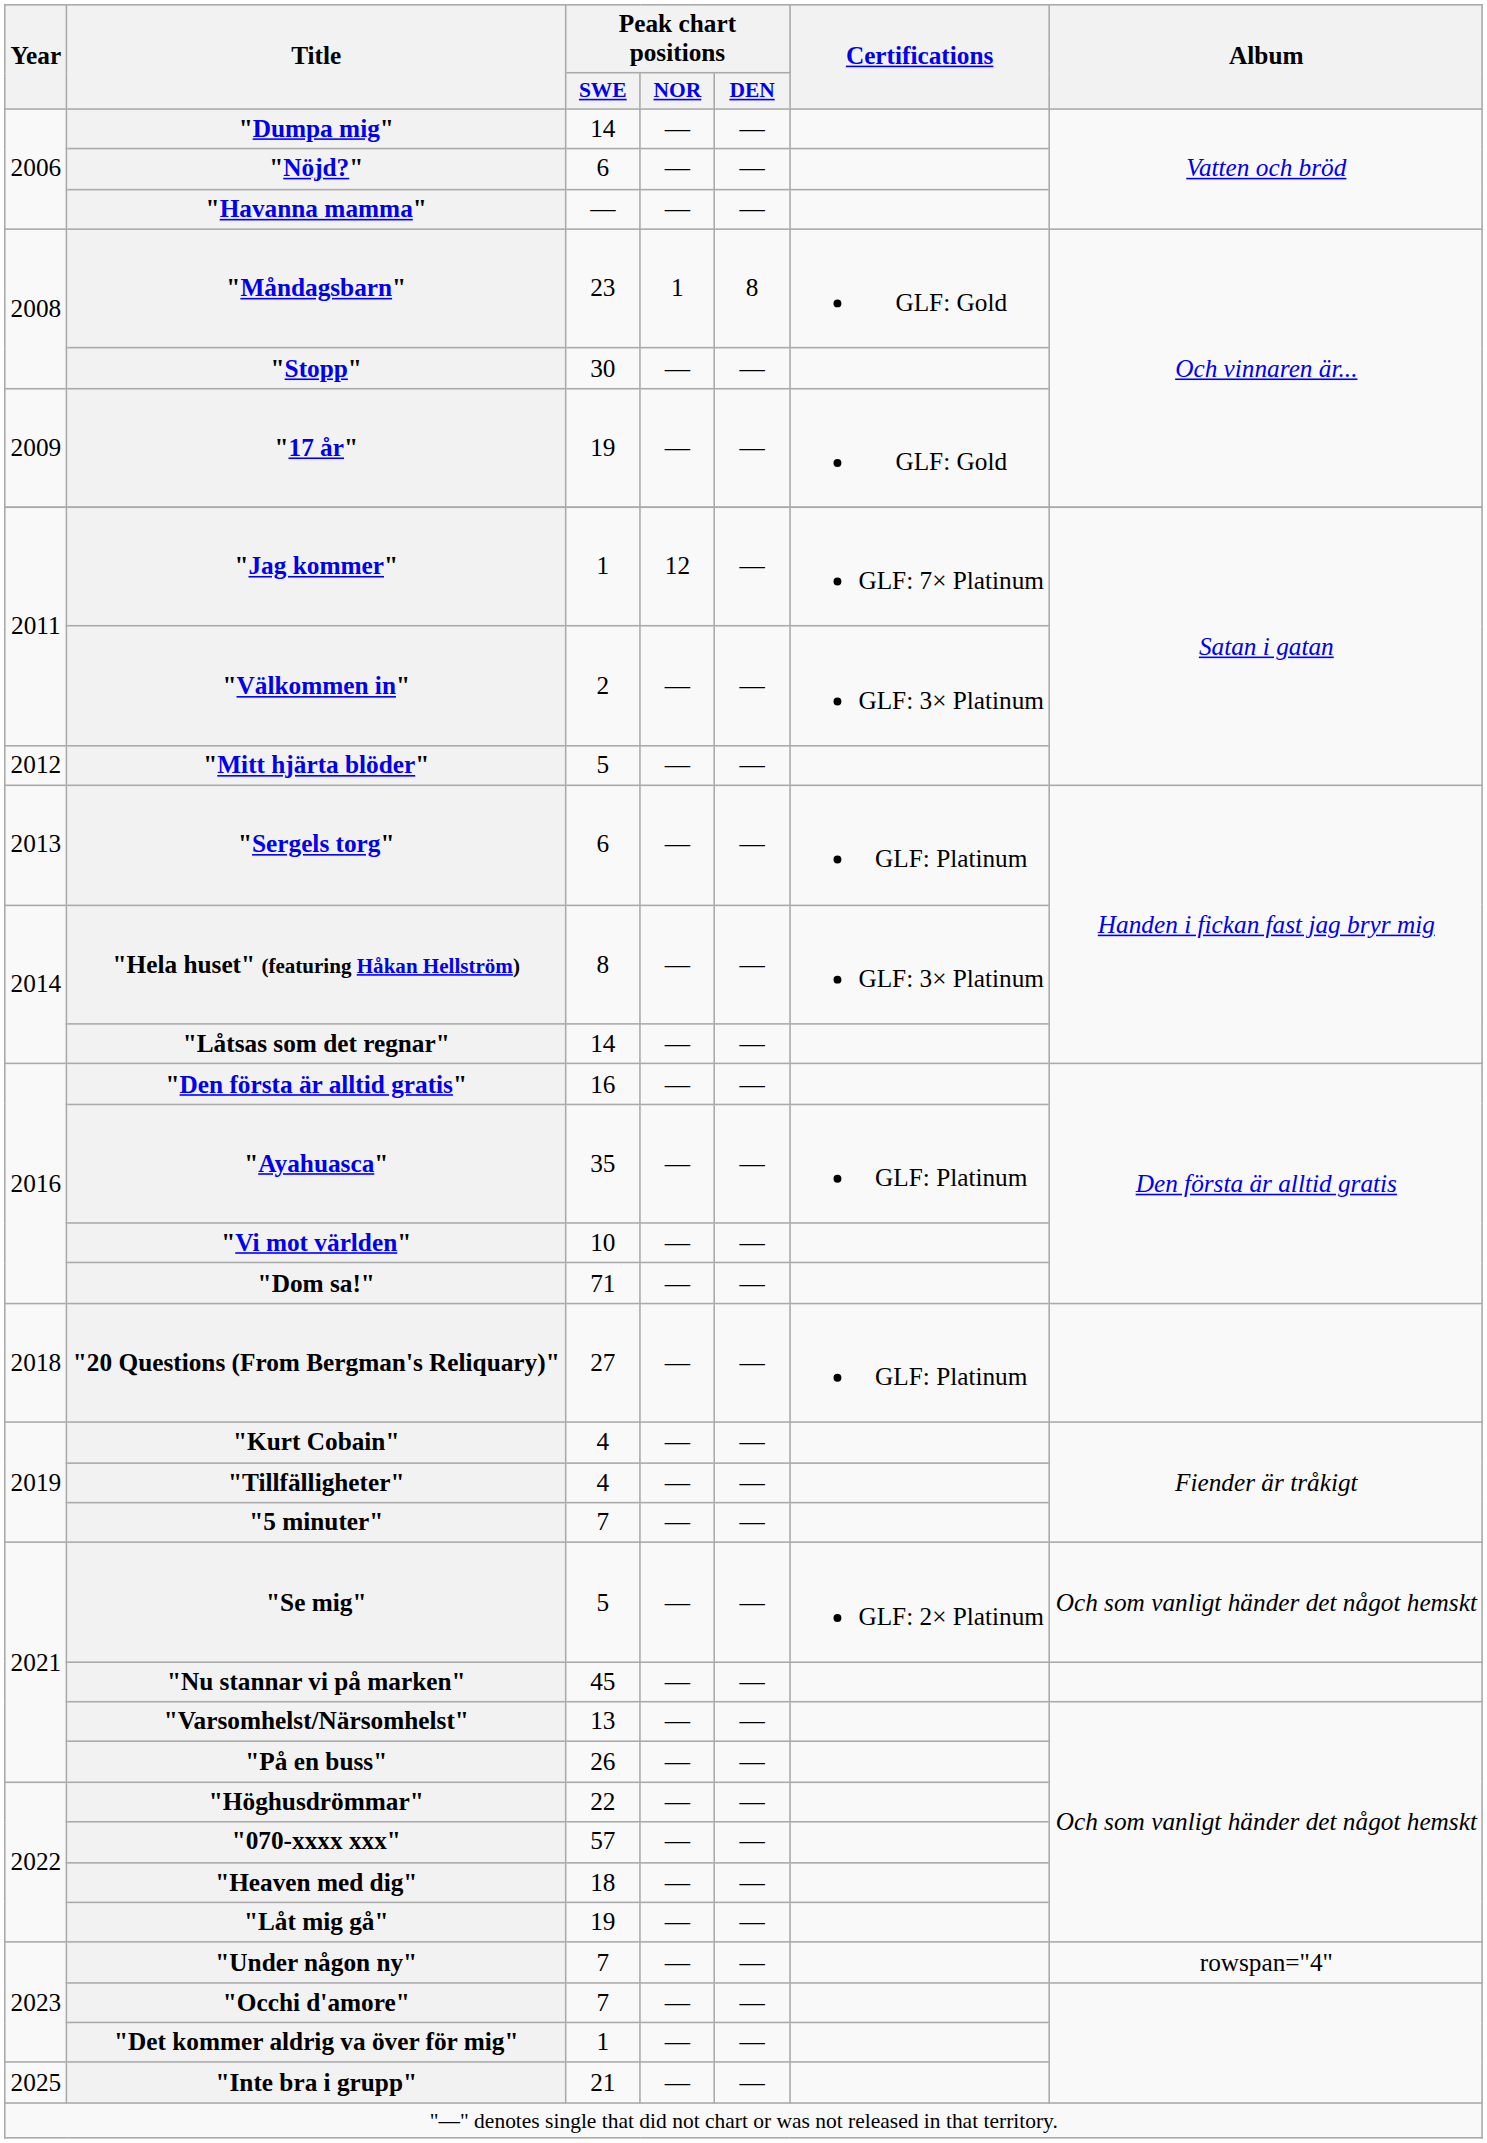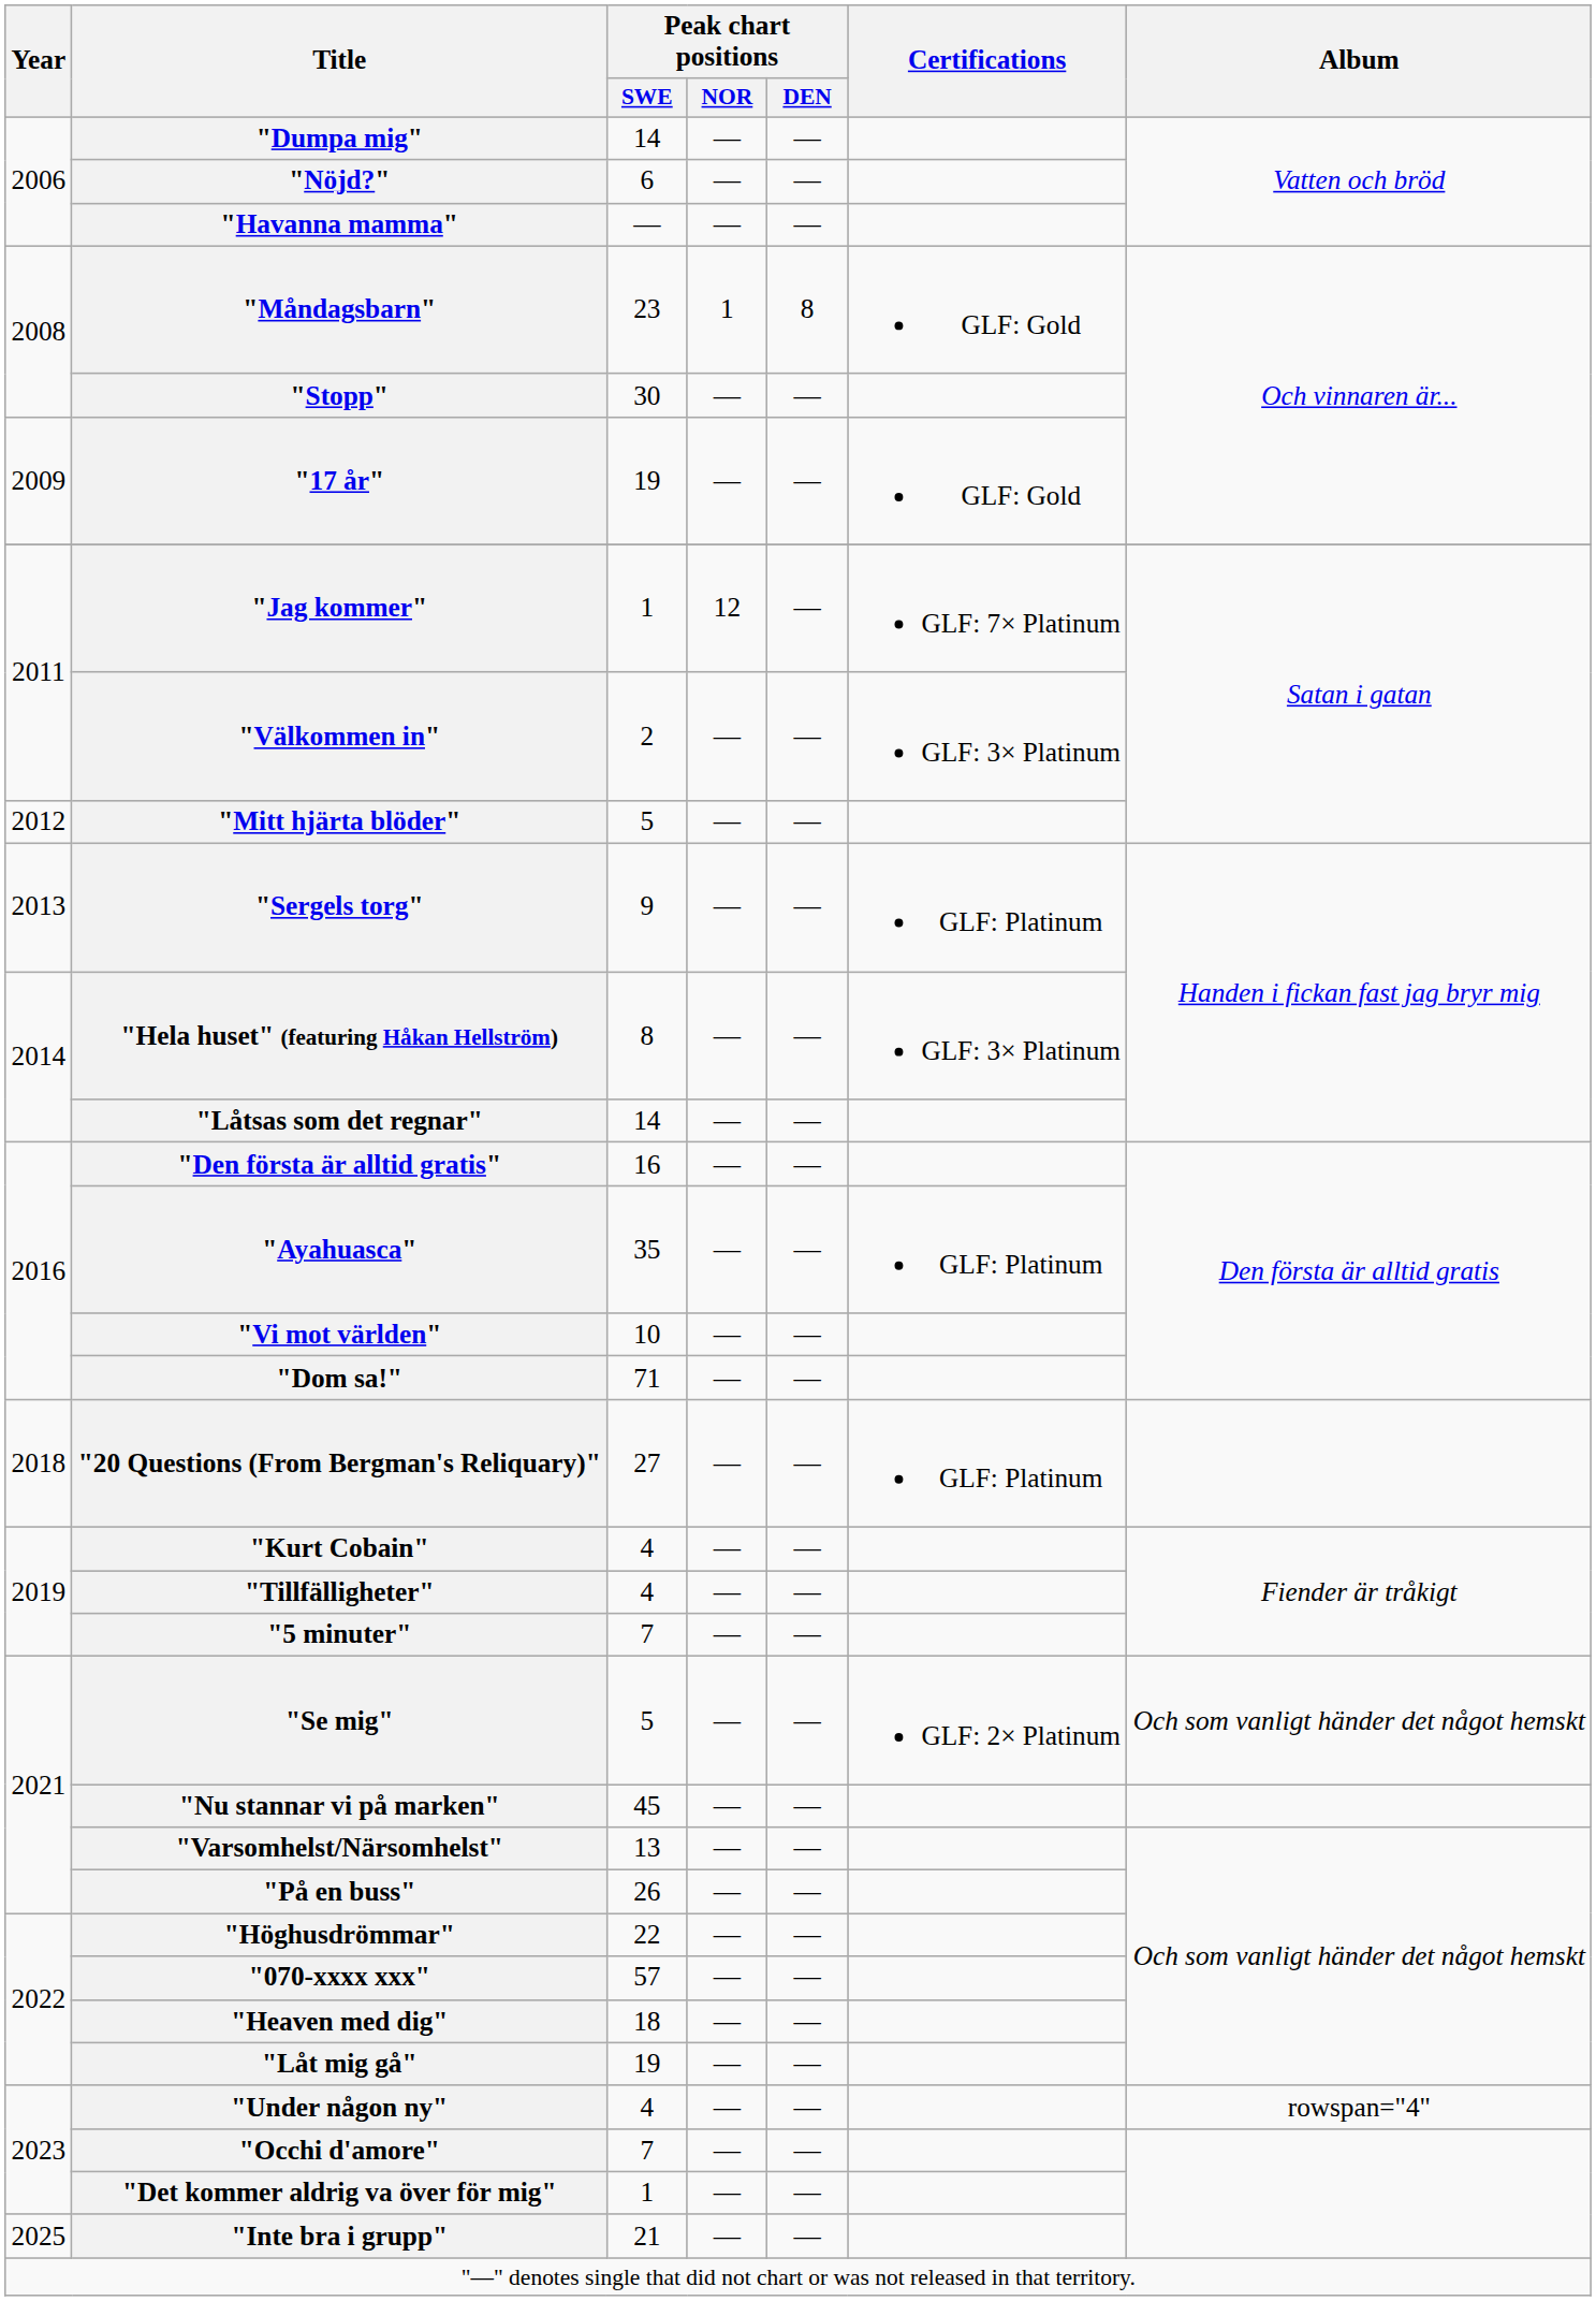 <table class="wikitable plainrowheaders" style="text-align:center;" border="1">
 <tr>
 <th scope="col" rowspan="2">Year</th>
 <th scope="col" rowspan="2">Title</th>
 <th scope="col" colspan="3">Peak chart positions</th>
 <th scope="col" rowspan="2"><a href='#'>Certifications</a></th>
 <th scope="col" rowspan="2">Album</th>
 </tr>
 <tr>
 <th scope="col" style="width:3em;font-size:85%;"><a href='#'>SWE</a><br></th>
 <th scope="col" style="width:3em;font-size:85%;"><a href='#'>NOR</a><br></th>
 <th scope="col" style="width:3em;font-size:85%;"><a href='#'>DEN</a><br></th>
 </tr>
 <tr>
 <td rowspan="3">2006</td>
 <th scope="row">"<a href='#'>Dumpa mig</a>"</th>
 <td>14</td>
 <td>—</td>
 <td>—</td>
 <td></td>
 <td rowspan="3"><em><a href='#'>Vatten och bröd</a></em></td>
 </tr>
 <tr>
 <th scope="row">"<a href='#'>Nöjd?</a>"</th>
 <td>6</td>
 <td>—</td>
 <td>—</td>
 <td></td>
 </tr>
 <tr>
 <th scope="row">"<a href='#'>Havanna mamma</a>"</th>
 <td>—</td>
 <td>—</td>
 <td>—</td>
 <td></td>
 </tr>
 <tr>
 <td rowspan="2">2008</td>
 <th scope="row">"<a href='#'>Måndagsbarn</a>"</th>
 <td>23</td>
 <td>1</td>
 <td>8</td>
 <td><br><ul><li>GLF: Gold</li></ul></td>
 <td rowspan="3"><em><a href='#'>Och vinnaren är...</a></em></td>
 </tr>
 <tr>
 <th scope="row">"<a href='#'>Stopp</a>"</th>
 <td>30</td>
 <td>—</td>
 <td>—</td>
 <td></td>
 </tr>
 <tr>
 <td>2009</td>
 <th scope="row">"<a href='#'>17 år</a>"</th>
 <td>19</td>
 <td>—</td>
 <td>—</td>
 <td><br><ul><li>GLF: Gold</li></ul></td>
 </tr>
 <tr rowspan="1">
 </tr>
 <tr>
 <td rowspan="2">2011</td>
 <th scope="row">"<a href='#'>Jag kommer</a>"</th>
 <td>1</td>
 <td>12</td>
 <td>—</td>
 <td><br><ul><li>GLF: 7× Platinum</li></ul></td>
 <td rowspan="3"><em><a href='#'>Satan i gatan</a></em></td>
 </tr>
 <tr>
 <th scope="row">"<a href='#'>Välkommen in</a>"</th>
 <td>2</td>
 <td>—</td>
 <td>—</td>
 <td><br><ul><li>GLF: 3× Platinum</li></ul></td>
 </tr>
 <tr>
 <td>2012</td>
 <th scope="row">"<a href='#'>Mitt hjärta blöder</a>"</th>
 <td>5</td>
 <td>—</td>
 <td>—</td>
 <td></td>
 </tr>
 <tr>
 <td>2013</td>
 <th scope="row">"<a href='#'>Sergels torg</a>"</th>
-<td>6</td>
+<td>9</td>
 <td>—</td>
 <td>—</td>
 <td><br><ul><li>GLF: Platinum</li></ul></td>
 <td rowspan="3"><em><a href='#'>Handen i fickan fast jag bryr mig</a></em></td>
 </tr>
 <tr>
 <td rowspan="2">2014</td>
 <th scope="row">"Hela huset" <small>(featuring <a href='#'>Håkan Hellström</a>)</small></th>
 <td>8</td>
 <td>—</td>
 <td>—</td>
 <td><br><ul><li>GLF: 3× Platinum</li></ul></td>
 </tr>
 <tr>
 <th scope="row">"Låtsas som det regnar"</th>
 <td>14</td>
 <td>—</td>
 <td>—</td>
 <td></td>
 </tr>
 <tr>
 <td rowspan="4">2016</td>
 <th scope="row">"<a href='#'>Den första är alltid gratis</a>"</th>
 <td>16</td>
 <td>—</td>
 <td>—</td>
 <td></td>
 <td rowspan="4"><em><a href='#'>Den första är alltid gratis</a></em></td>
 </tr>
 <tr>
 <th scope="row">"<a href='#'>Ayahuasca</a>"</th>
 <td>35</td>
 <td>—</td>
 <td>—</td>
 <td><br><ul><li>GLF: Platinum</li></ul></td>
 </tr>
 <tr>
 <th scope="row">"<a href='#'>Vi mot världen</a>"</th>
 <td>10</td>
 <td>—</td>
 <td>—</td>
 <td></td>
 </tr>
 <tr>
 <th scope="row">"Dom sa!"</th>
 <td>71</td>
 <td>—</td>
 <td>—</td>
 <td></td>
 </tr>
 <tr>
 <td>2018</td>
 <th scope="row">"20 Questions (From Bergman's Reliquary)"</th>
 <td>27</td>
 <td>—</td>
 <td>—</td>
 <td><br><ul><li>GLF: Platinum</li></ul></td>
 <td></td>
 </tr>
 <tr>
 <td rowspan="3">2019</td>
 <th scope="row">"Kurt Cobain"</th>
 <td>4</td>
 <td>—</td>
 <td>—</td>
 <td></td>
 <td rowspan="3"><em>Fiender är tråkigt</em></td>
 </tr>
 <tr>
 <th scope="row">"Tillfälligheter"</th>
 <td>4</td>
 <td>—</td>
 <td>—</td>
 <td></td>
 </tr>
 <tr>
 <th scope="row">"5 minuter"</th>
 <td>7</td>
 <td>—</td>
 <td>—</td>
 <td></td>
 </tr>
 <tr>
 <td rowspan="4">2021</td>
 <th scope="row">"Se mig"</th>
 <td>5</td>
 <td>—</td>
 <td>—</td>
 <td><br><ul><li>GLF: 2× Platinum</li></ul></td>
 <td><em>Och som vanligt händer det något hemskt</em></td>
 </tr>
 <tr>
 <th scope="row">"Nu stannar vi på marken"</th>
 <td>45</td>
 <td>—</td>
 <td>—</td>
 <td></td>
 <td></td>
 </tr>
 <tr>
 <th scope="row">"Varsomhelst/Närsomhelst"</th>
 <td>13</td>
 <td>—</td>
 <td>—</td>
 <td></td>
 <td rowspan="6"><em>Och som vanligt händer det något hemskt</em></td>
 </tr>
 <tr>
 <th scope="row">"På en buss"</th>
 <td>26</td>
 <td>—</td>
 <td>—</td>
 <td></td>
 </tr>
 <tr>
 <td rowspan="4">2022</td>
 <th scope="row">"Höghusdrömmar"</th>
 <td>22</td>
 <td>—</td>
 <td>—</td>
 <td></td>
 </tr>
 <tr>
 <th scope="row">"070-xxxx xxx"</th>
 <td>57</td>
 <td>—</td>
 <td>—</td>
 <td></td>
 </tr>
 <tr>
 <th scope="row">"Heaven med dig"</th>
 <td>18</td>
 <td>—</td>
 <td>—</td>
 <td></td>
 </tr>
 <tr>
 <th scope="row">"Låt mig gå"</th>
 <td>19</td>
 <td>—</td>
 <td>—</td>
 <td></td>
 </tr>
 <tr>
 <td rowspan="3">2023</td>
 <th scope="row">"Under någon ny"<br></th>
-<td>7<br></td>
+<td>4<br></td>
 <td>—</td>
 <td>—</td>
 <td></td>
 <td>rowspan="4" </td>
 </tr>
 <tr>
 <th scope="row">"Occhi d'amore"<br></th>
 <td>7</td>
 <td>—</td>
 <td>—</td>
 <td></td>
 </tr>
 <tr>
 <th scope="row">"Det kommer aldrig va över för mig"</th>
 <td>1</td>
 <td>—</td>
 <td>—</td>
 <td></td>
 </tr>
 <tr>
 <td>2025</td>
 <th scope="row">"Inte bra i grupp"</th>
 <td>21<br></td>
 <td>—</td>
 <td>—</td>
 <td></td>
 </tr>
 <tr>
 <td colspan="18" style="font-size:85%">"—" denotes single that did not chart or was not released in that territory.</td>
 </tr>
 </table>
